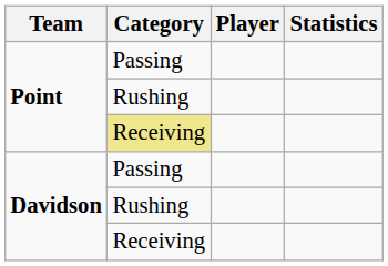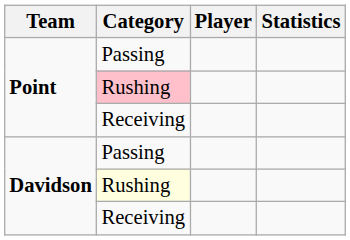 <table class="wikitable" style="float: right;">
 <tr>
 <th>Team</th>
 <th>Category</th>
 <th>Player</th>
 <th>Statistics</th>
 </tr>
 <tr>
 <td rowspan=3><strong>Point</strong></td>
 <td>Passing</td>
 <td></td>
 <td></td>
 </tr>
 <tr>
-<td>Rushing</td>
+<td style="background: pink;">Rushing</td>
 <td></td>
 <td></td>
 </tr>
 <tr>
-<td style="background: khaki;">Receiving</td>
+<td>Receiving</td>
 <td></td>
 <td></td>
 </tr>
 <tr>
 <td rowspan=3><strong>Davidson</strong></td>
 <td>Passing</td>
 <td></td>
 <td></td>
 </tr>
 <tr>
-<td>Rushing</td>
+<td style="background: lightyellow;">Rushing</td>
 <td></td>
 <td></td>
 </tr>
 <tr>
 <td>Receiving</td>
 <td></td>
 <td></td>
 </tr>
 </table>
